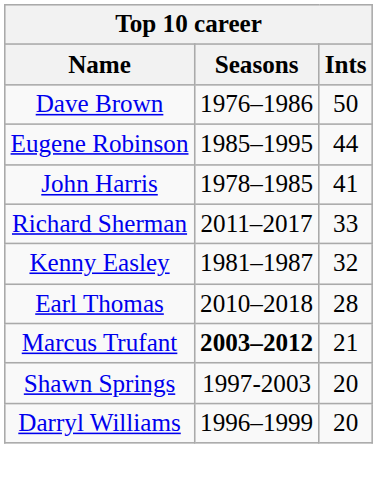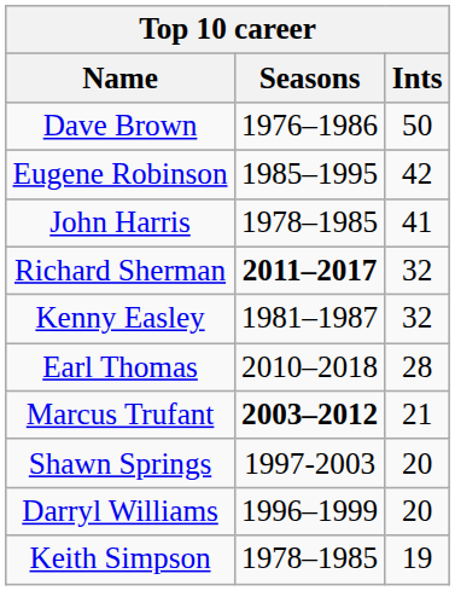 <table class="wikitable" style="text-align:center">
 <tr>
 <th colspan="3"><strong>Top 10 career</strong></th>
 </tr>
 <tr>
 <th><strong>Name</strong></th>
 <th><strong>Seasons</strong></th>
 <th><strong>Ints</strong></th>
 </tr>
 <tr>
 <td><a href='#'>Dave Brown</a></td>
 <td>1976–1986</td>
 <td>50</td>
 </tr>
 <tr>
 <td><a href='#'>Eugene Robinson</a></td>
 <td>1985–1995</td>
-<td>44</td>
+<td>42</td>
 </tr>
 <tr>
 <td><a href='#'>John Harris</a></td>
 <td>1978–1985</td>
 <td>41</td>
 </tr>
 <tr>
 <td><a href='#'>Richard Sherman</a></td>
-<td>2011–2017</td>
-<td>33</td>
+<td><strong>2011–2017</strong></td>
+<td>32</td>
 </tr>
 <tr>
 <td><a href='#'>Kenny Easley</a></td>
 <td>1981–1987</td>
 <td>32</td>
 </tr>
 <tr>
 <td><a href='#'>Earl Thomas</a></td>
 <td>2010–2018</td>
 <td>28</td>
 </tr>
 <tr>
 <td><a href='#'>Marcus Trufant</a></td>
 <td><strong>2003–2012</strong></td>
 <td>21</td>
 </tr>
 <tr>
 <td><a href='#'>Shawn Springs</a></td>
 <td>1997-2003</td>
 <td>20</td>
 </tr>
 <tr>
 <td><a href='#'>Darryl Williams</a></td>
 <td>1996–1999</td>
 <td>20</td>
 </tr>
+<tr>
+<td><a href='#'>Keith Simpson</a></td>
+<td>1978–1985</td>
+<td>19</td>
+</tr>
 </table>
